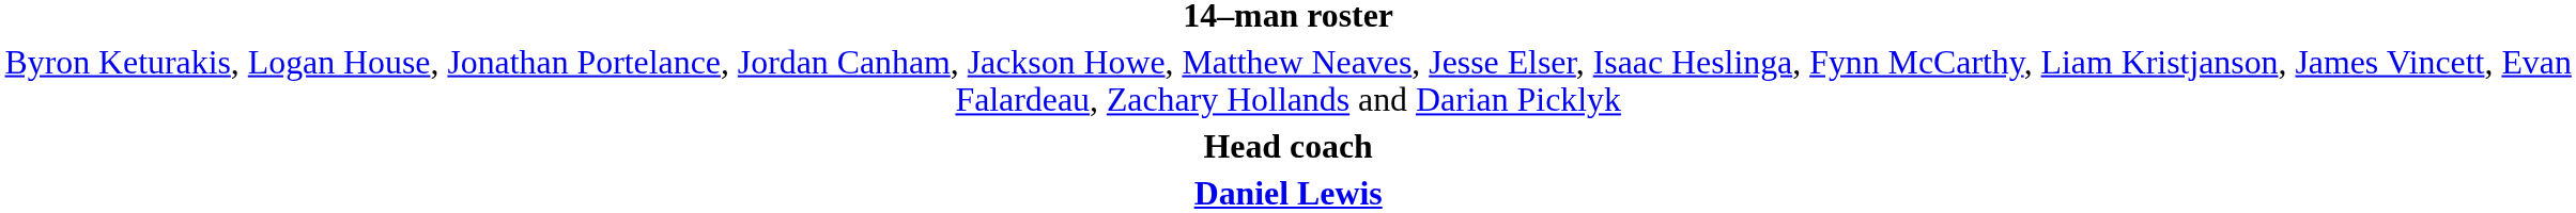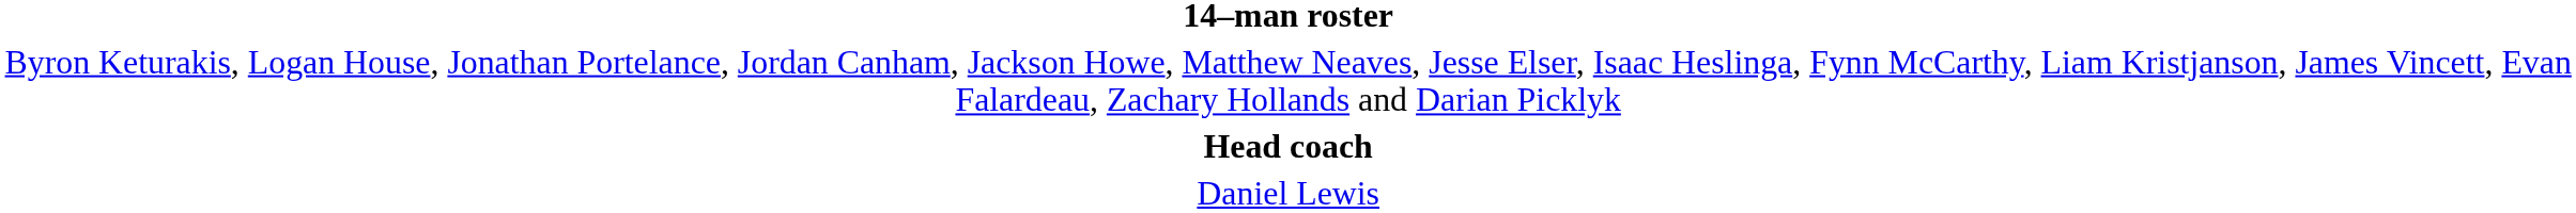 <table style="text-align:center; margin-top:2em; margin-left:auto; margin-right:auto">
 <tr>
 <td><strong>14–man roster</strong></td>
 </tr>
 <tr>
 <td><a href='#'>Byron Keturakis</a>, <a href='#'>Logan House</a>, <a href='#'>Jonathan Portelance</a>, <a href='#'>Jordan Canham</a>, <a href='#'>Jackson Howe</a>, <a href='#'>Matthew Neaves</a>, <a href='#'>Jesse Elser</a>, <a href='#'>Isaac Heslinga</a>, <a href='#'>Fynn McCarthy</a>, <a href='#'>Liam Kristjanson</a>, <a href='#'>James Vincett</a>, <a href='#'>Evan Falardeau</a>, <a href='#'>Zachary Hollands</a> and <a href='#'>Darian Picklyk</a></td>
 </tr>
 <tr>
 <td><strong>Head coach</strong></td>
 </tr>
 <tr>
-<td><strong><a href='#'>Daniel Lewis</a></strong></td>
+<td><a href='#'>Daniel Lewis</a></td>
 </tr>
 </table>
